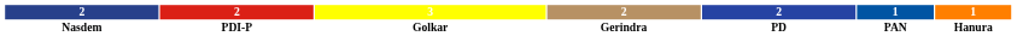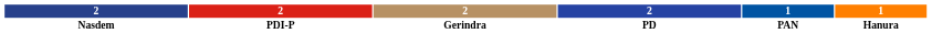 <table style="width:88%; text-align:center;">
 <tr style="color:white;">
 <td style="background:#27408B; width:15.4%;"><strong>2</strong></td>
 <td style="background:#DB2016; width:15.4%;"><strong>2</strong></td>
-<td style="background:#FFFF00; width:23.1%;"><strong>3</strong></td>
 <td style="background:#B79164; width:15.4%;"><strong>2</strong></td>
 <td style="background:#2643A3; width:15.4%;"><strong>2</strong></td>
 <td style="background:#0054A3; width:7.7%;"><strong>1</strong></td>
 <td style="background:#FF7F00; width:7.7%;"><strong>1</strong></td>
 </tr>
 <tr>
 <td><span><strong>Nasdem</strong></span></td>
 <td><span><strong>PDI-P</strong></span></td>
-<td><span><strong>Golkar</strong></span></td>
 <td><span><strong>Gerindra</strong></span></td>
 <td><span><strong>PD</strong></span></td>
 <td><span><strong>PAN</strong></span></td>
 <td><span><strong>Hanura</strong></span></td>
 </tr>
 </table>
